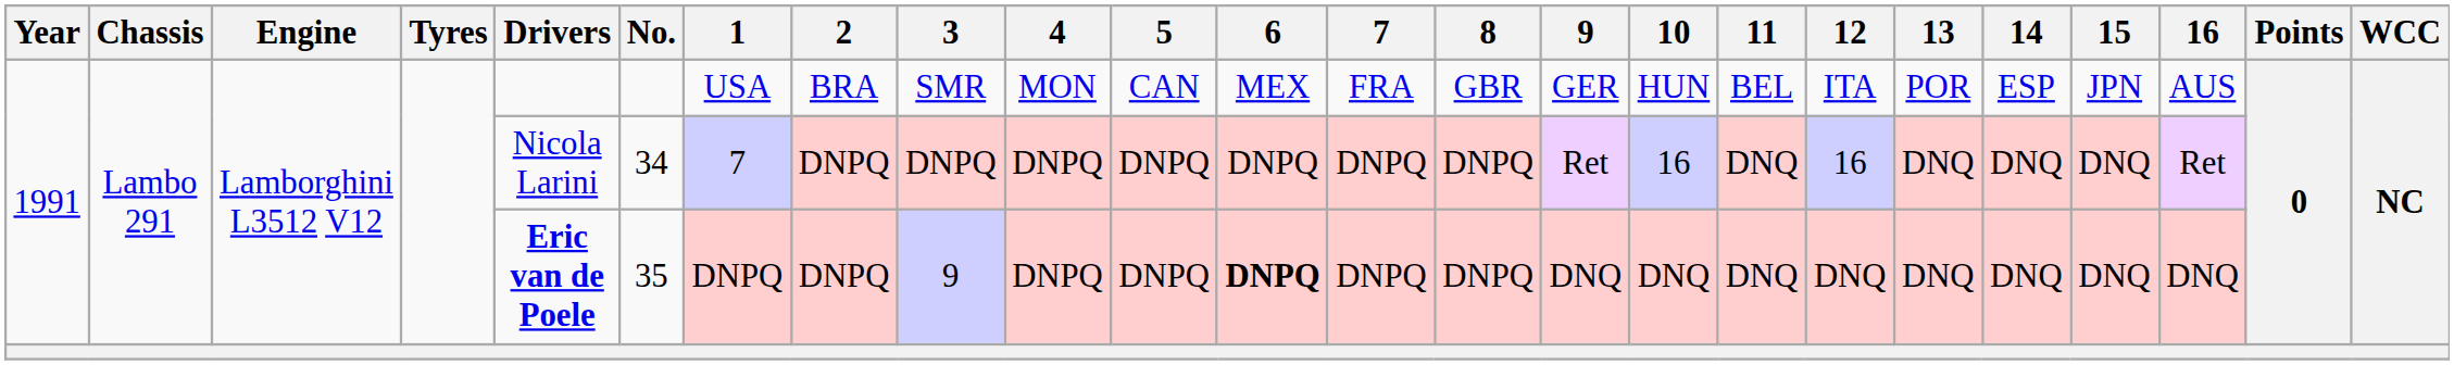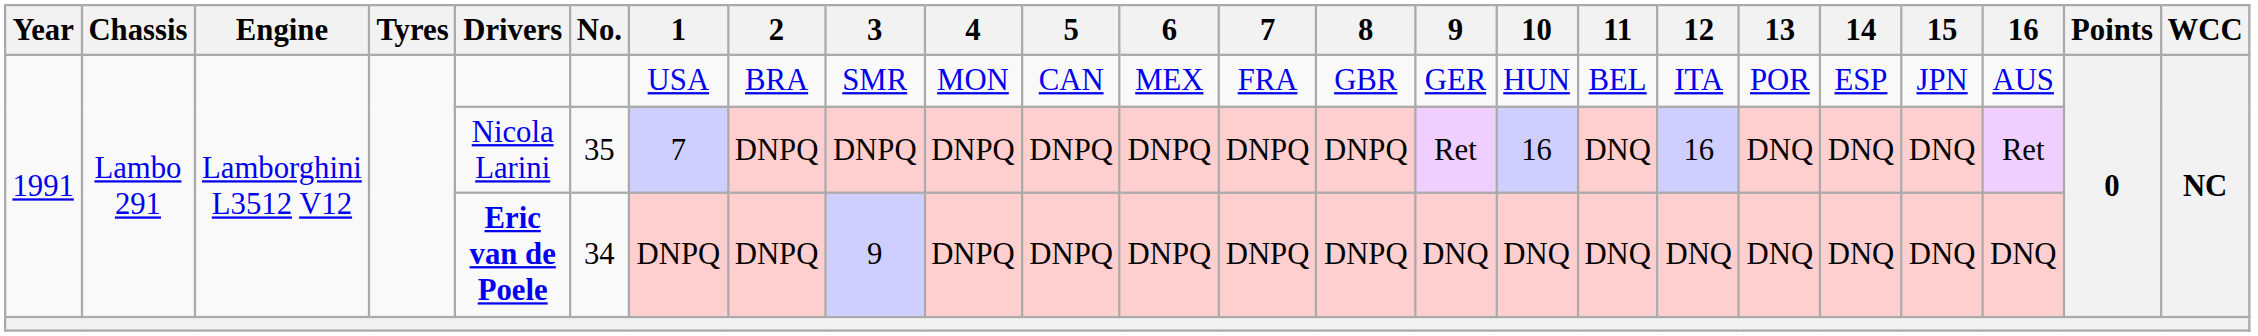 <table class="wikitable" style="text-align:center; font-size:85%">
 <tr>
 <th>Year</th>
 <th>Chassis</th>
 <th>Engine</th>
 <th>Tyres</th>
 <th>Drivers</th>
 <th>No.</th>
 <th>1</th>
 <th>2</th>
 <th>3</th>
 <th>4</th>
 <th>5</th>
 <th>6</th>
 <th>7</th>
 <th>8</th>
 <th>9</th>
 <th>10</th>
 <th>11</th>
 <th>12</th>
 <th>13</th>
 <th>14</th>
 <th>15</th>
 <th>16</th>
 <th>Points</th>
 <th>WCC</th>
 </tr>
 <tr>
 <td rowspan="3"><a href='#'>1991</a></td>
 <td rowspan="3"><a href='#'>Lambo 291</a></td>
 <td rowspan="3"><a href='#'>Lamborghini L3512</a> <a href='#'>V12</a></td>
 <td rowspan="3"></td>
 <td></td>
 <td></td>
 <td><a href='#'>USA</a></td>
 <td><a href='#'>BRA</a></td>
 <td><a href='#'>SMR</a></td>
 <td><a href='#'>MON</a></td>
 <td><a href='#'>CAN</a></td>
 <td><a href='#'>MEX</a></td>
 <td><a href='#'>FRA</a></td>
 <td><a href='#'>GBR</a></td>
 <td><a href='#'>GER</a></td>
 <td><a href='#'>HUN</a></td>
 <td><a href='#'>BEL</a></td>
 <td><a href='#'>ITA</a></td>
 <td><a href='#'>POR</a></td>
 <td><a href='#'>ESP</a></td>
 <td><a href='#'>JPN</a></td>
 <td><a href='#'>AUS</a></td>
 <th rowspan="3">0</th>
 <th rowspan="3">NC</th>
 </tr>
 <tr>
 <td><a href='#'>Nicola Larini</a></td>
-<td>34</td>
+<td>35</td>
 <td style="background:#CFCFFF;">7</td>
 <td style="background:#FFCFCF;">DNPQ</td>
 <td style="background:#FFCFCF;">DNPQ</td>
 <td style="background:#FFCFCF;">DNPQ</td>
 <td style="background:#FFCFCF;">DNPQ</td>
 <td style="background:#FFCFCF;">DNPQ</td>
 <td style="background:#FFCFCF;">DNPQ</td>
 <td style="background:#FFCFCF;">DNPQ</td>
 <td style="background:#EFCFFF;">Ret</td>
 <td style="background:#CFCFFF;">16</td>
 <td style="background:#FFCFCF;">DNQ</td>
 <td style="background:#CFCFFF;">16</td>
 <td style="background:#FFCFCF;">DNQ</td>
 <td style="background:#FFCFCF;">DNQ</td>
 <td style="background:#FFCFCF;">DNQ</td>
 <td style="background:#EFCFFF;">Ret</td>
 </tr>
 <tr>
 <td><strong><a href='#'>Eric van de Poele</a></strong></td>
-<td>35</td>
+<td>34</td>
 <td style="background:#FFCFCF;">DNPQ</td>
 <td style="background:#FFCFCF;">DNPQ</td>
 <td style="background:#CFCFFF;">9</td>
 <td style="background:#FFCFCF;">DNPQ</td>
 <td style="background:#FFCFCF;">DNPQ</td>
-<td style="background:#FFCFCF;"><strong>DNPQ</strong></td>
+<td style="background:#FFCFCF;">DNPQ</td>
 <td style="background:#FFCFCF;">DNPQ</td>
 <td style="background:#FFCFCF;">DNPQ</td>
 <td style="background:#FFCFCF;">DNQ</td>
 <td style="background:#FFCFCF;">DNQ</td>
 <td style="background:#FFCFCF;">DNQ</td>
 <td style="background:#FFCFCF;">DNQ</td>
 <td style="background:#FFCFCF;">DNQ</td>
 <td style="background:#FFCFCF;">DNQ</td>
 <td style="background:#FFCFCF;">DNQ</td>
 <td style="background:#FFCFCF;">DNQ</td>
 </tr>
 <tr>
 <th colspan="24"></th>
 </tr>
 </table>
